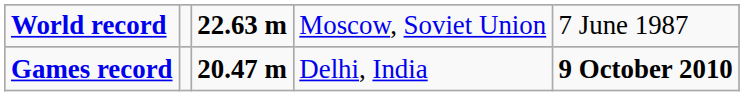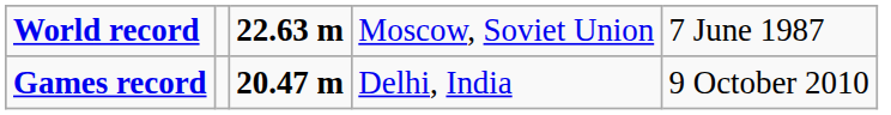 <table class="wikitable">
 <tr>
 <td><a href='#'><strong>World record</strong></a></td>
 <td></td>
 <td><strong>22.63 m</strong></td>
 <td><a href='#'>Moscow</a>, <a href='#'>Soviet Union</a></td>
 <td>7 June 1987</td>
 </tr>
 <tr>
 <td><a href='#'><strong>Games record</strong></a></td>
 <td></td>
 <td><strong>20.47 m</strong></td>
 <td><a href='#'>Delhi</a>, <a href='#'>India</a></td>
-<td><strong>9 October 2010</strong></td>
+<td>9 October 2010</td>
 </tr>
 </table>
